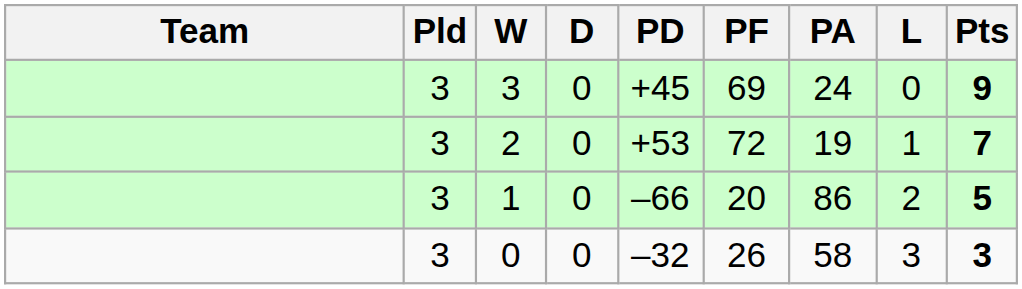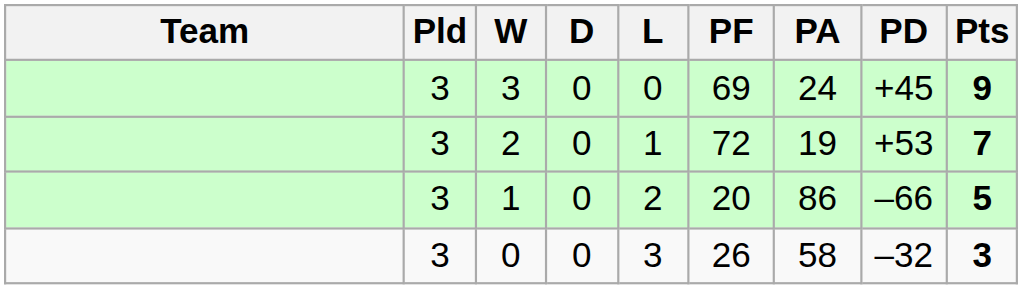 <table class="wikitable" style="text-align:center;">
 <tr>
 <th width=175>Team</th>
 <th width=25 abbr="Played">Pld</th>
 <th width=25 abbr="Won">W</th>
 <th width=25 abbr="Drawn">D</th>
-<th width=32 abbr="Points difference">PD</th>
+<th width=25 abbr="Lost">L</th>
 <th width=32 abbr="Points for">PF</th>
 <th width=32 abbr="Points against">PA</th>
-<th width=25 abbr="Lost">L</th>
+<th width=32 abbr="Points difference">PD</th>
 <th width=25 abbr="Points">Pts</th>
 </tr>
 <tr bgcolor=ccffcc>
 <td align=left></td>
 <td>3</td>
 <td>3</td>
 <td>0</td>
-<td>+45</td>
+<td>0</td>
 <td>69</td>
 <td>24</td>
-<td>0</td>
+<td>+45</td>
 <td><strong>9</strong></td>
 </tr>
 <tr bgcolor=ccffcc>
 <td align=left></td>
 <td>3</td>
 <td>2</td>
 <td>0</td>
-<td>+53</td>
+<td>1</td>
 <td>72</td>
 <td>19</td>
-<td>1</td>
+<td>+53</td>
 <td><strong>7</strong></td>
 </tr>
 <tr bgcolor=ccffcc>
 <td align=left></td>
 <td>3</td>
 <td>1</td>
 <td>0</td>
-<td>–66</td>
+<td>2</td>
 <td>20</td>
 <td>86</td>
-<td>2</td>
+<td>–66</td>
 <td><strong>5</strong></td>
 </tr>
 <tr>
 <td align=left></td>
 <td>3</td>
 <td>0</td>
 <td>0</td>
-<td>–32</td>
+<td>3</td>
 <td>26</td>
 <td>58</td>
-<td>3</td>
+<td>–32</td>
 <td><strong>3</strong></td>
 </tr>
 </table>
